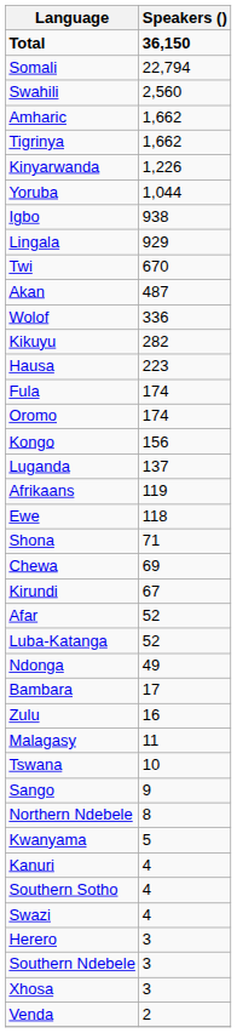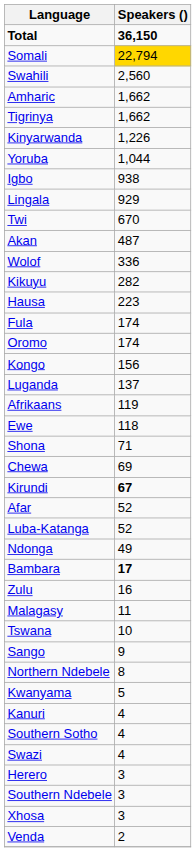 <table class="wikitable sortable mw-collapsible">
 <tr>
 <th>Language</th>
 <th>Speakers ()</th>
 </tr>
 <tr>
 <td><strong>Total</strong></td>
 <td><strong>36,150</strong></td>
 </tr>
 <tr>
 <td><a href='#'>Somali</a></td>
-<td>22,794</td>
+<td style="background: gold;">22,794</td>
 </tr>
 <tr>
 <td><a href='#'>Swahili</a></td>
 <td>2,560</td>
 </tr>
 <tr>
 <td><a href='#'>Amharic</a></td>
 <td>1,662</td>
 </tr>
 <tr>
 <td><a href='#'>Tigrinya</a></td>
 <td>1,662</td>
 </tr>
 <tr>
 <td><a href='#'>Kinyarwanda</a></td>
 <td>1,226</td>
 </tr>
 <tr>
 <td><a href='#'>Yoruba</a></td>
 <td>1,044</td>
 </tr>
 <tr>
 <td><a href='#'>Igbo</a></td>
 <td>938</td>
 </tr>
 <tr>
 <td><a href='#'>Lingala</a></td>
 <td>929</td>
 </tr>
 <tr>
 <td><a href='#'>Twi</a></td>
 <td>670</td>
 </tr>
 <tr>
 <td><a href='#'>Akan</a></td>
 <td>487</td>
 </tr>
 <tr>
 <td><a href='#'>Wolof</a></td>
 <td>336</td>
 </tr>
 <tr>
 <td><a href='#'>Kikuyu</a></td>
 <td>282</td>
 </tr>
 <tr>
 <td><a href='#'>Hausa</a></td>
 <td>223</td>
 </tr>
 <tr>
 <td><a href='#'>Fula</a></td>
 <td>174</td>
 </tr>
 <tr>
 <td><a href='#'>Oromo</a></td>
 <td>174</td>
 </tr>
 <tr>
 <td><a href='#'>Kongo</a></td>
 <td>156</td>
 </tr>
 <tr>
 <td><a href='#'>Luganda</a></td>
 <td>137</td>
 </tr>
 <tr>
 <td><a href='#'>Afrikaans</a></td>
 <td>119</td>
 </tr>
 <tr>
 <td><a href='#'>Ewe</a></td>
 <td>118</td>
 </tr>
 <tr>
 <td><a href='#'>Shona</a></td>
 <td>71</td>
 </tr>
 <tr>
 <td><a href='#'>Chewa</a></td>
 <td>69</td>
 </tr>
 <tr>
 <td><a href='#'>Kirundi</a></td>
-<td>67</td>
+<td><strong>67</strong></td>
 </tr>
 <tr>
 <td><a href='#'>Afar</a></td>
 <td>52</td>
 </tr>
 <tr>
 <td><a href='#'>Luba-Katanga</a></td>
 <td>52</td>
 </tr>
 <tr>
 <td><a href='#'>Ndonga</a></td>
 <td>49</td>
 </tr>
 <tr>
 <td><a href='#'>Bambara</a></td>
-<td>17</td>
+<td><strong>17</strong></td>
 </tr>
 <tr>
 <td><a href='#'>Zulu</a></td>
 <td>16</td>
 </tr>
 <tr>
 <td><a href='#'>Malagasy</a></td>
 <td>11</td>
 </tr>
 <tr>
 <td><a href='#'>Tswana</a></td>
 <td>10</td>
 </tr>
 <tr>
 <td><a href='#'>Sango</a></td>
 <td>9</td>
 </tr>
 <tr>
 <td><a href='#'>Northern Ndebele</a></td>
 <td>8</td>
 </tr>
 <tr>
 <td><a href='#'>Kwanyama</a></td>
 <td>5</td>
 </tr>
 <tr>
 <td><a href='#'>Kanuri</a></td>
 <td>4</td>
 </tr>
 <tr>
 <td><a href='#'>Southern Sotho</a></td>
 <td>4</td>
 </tr>
 <tr>
 <td><a href='#'>Swazi</a></td>
 <td>4</td>
 </tr>
 <tr>
 <td><a href='#'>Herero</a></td>
 <td>3</td>
 </tr>
 <tr>
 <td><a href='#'>Southern Ndebele</a></td>
 <td>3</td>
 </tr>
 <tr>
 <td><a href='#'>Xhosa</a></td>
 <td>3</td>
 </tr>
 <tr>
 <td><a href='#'>Venda</a></td>
 <td>2</td>
 </tr>
 <tr>
 </tr>
 </table>
